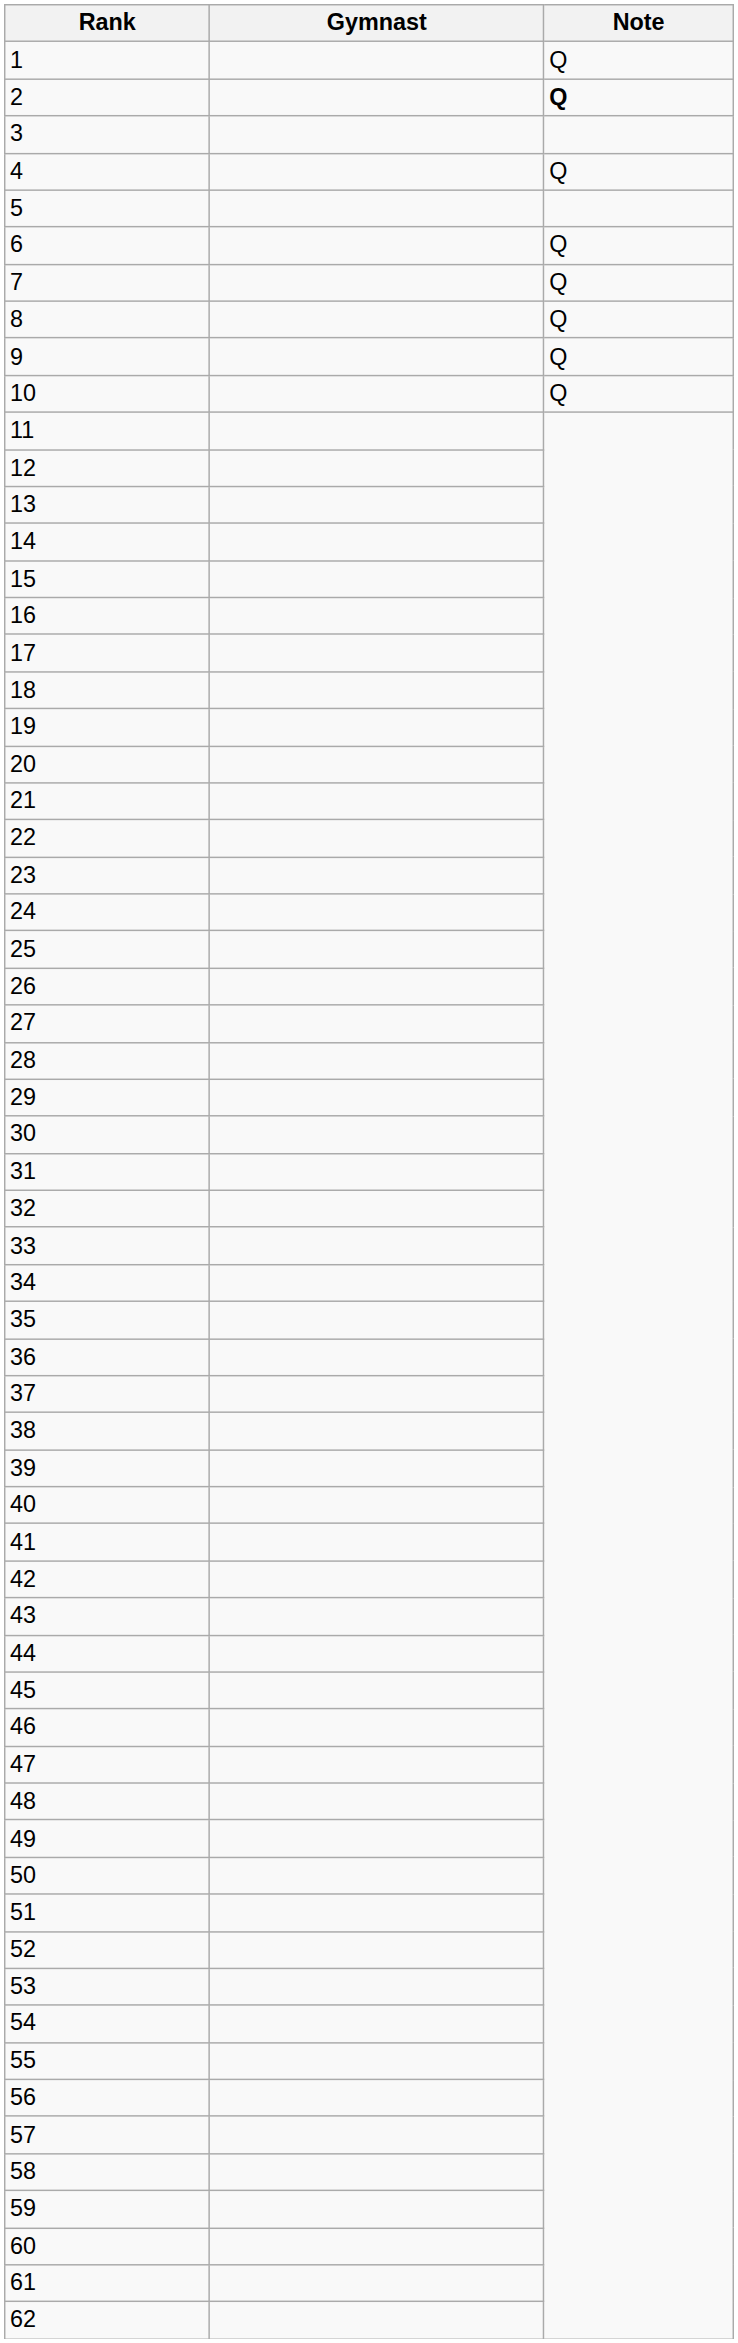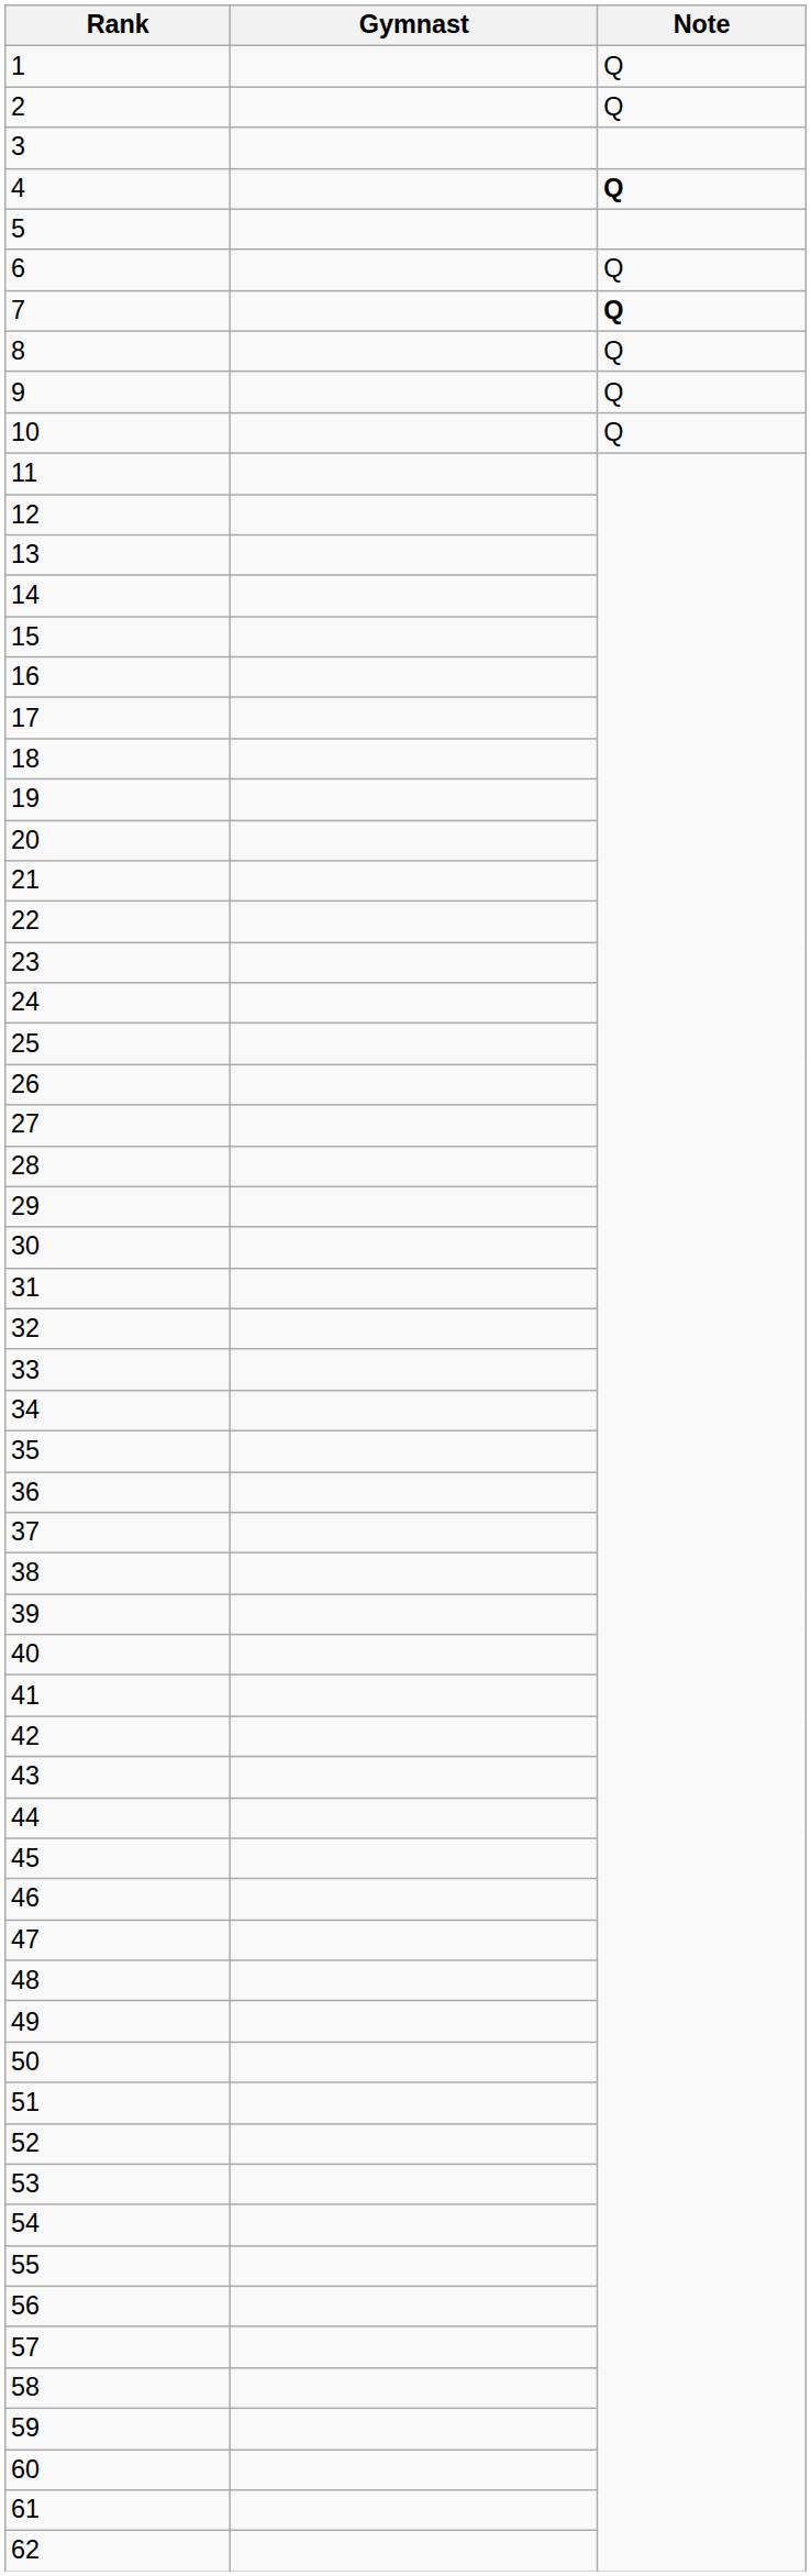 <table class="wikitable" width=500>
 <tr bgcolor="#efefef">
 <th>Rank</th>
 <th>Gymnast</th>
 <th>Note</th>
 </tr>
 <tr>
 <td>1</td>
 <td></td>
 <td>Q</td>
 </tr>
 <tr>
 <td>2</td>
 <td></td>
-<td><strong>Q</strong></td>
+<td>Q</td>
 </tr>
 <tr>
 <td>3</td>
 <td></td>
 </tr>
 <tr>
 <td>4</td>
 <td></td>
-<td>Q</td>
+<td><strong>Q</strong></td>
 </tr>
 <tr>
 <td>5</td>
 <td></td>
 </tr>
 <tr>
 <td>6</td>
 <td></td>
 <td>Q</td>
 </tr>
 <tr>
 <td>7</td>
 <td></td>
-<td>Q</td>
+<td><strong>Q</strong></td>
 </tr>
 <tr>
 <td>8</td>
 <td></td>
 <td>Q</td>
 </tr>
 <tr>
 <td>9</td>
 <td></td>
 <td>Q</td>
 </tr>
 <tr>
 <td>10</td>
 <td></td>
 <td>Q</td>
 </tr>
 <tr>
 <td>11</td>
 <td></td>
 </tr>
 <tr>
 <td>12</td>
 <td></td>
 </tr>
 <tr>
 <td>13</td>
 <td></td>
 </tr>
 <tr>
 <td>14</td>
 <td></td>
 </tr>
 <tr>
 <td>15</td>
 <td></td>
 </tr>
 <tr>
 <td>16</td>
 <td></td>
 </tr>
 <tr>
 <td>17</td>
 <td></td>
 </tr>
 <tr>
 <td>18</td>
 <td></td>
 </tr>
 <tr>
 <td>19</td>
 <td></td>
 </tr>
 <tr>
 <td>20</td>
 <td></td>
 </tr>
 <tr>
 <td>21</td>
 <td></td>
 </tr>
 <tr>
 <td>22</td>
 <td></td>
 </tr>
 <tr>
 <td>23</td>
 <td></td>
 </tr>
 <tr>
 <td>24</td>
 <td></td>
 </tr>
 <tr>
 <td>25</td>
 <td></td>
 </tr>
 <tr>
 <td>26</td>
 <td></td>
 </tr>
 <tr>
 <td>27</td>
 <td></td>
 </tr>
 <tr>
 <td>28</td>
 <td></td>
 </tr>
 <tr>
 <td>29</td>
 <td></td>
 </tr>
 <tr>
 <td>30</td>
 <td></td>
 </tr>
 <tr>
 <td>31</td>
 <td></td>
 </tr>
 <tr>
 <td>32</td>
 <td></td>
 </tr>
 <tr>
 <td>33</td>
 <td></td>
 </tr>
 <tr>
 <td>34</td>
 <td></td>
 </tr>
 <tr>
 <td>35</td>
 <td></td>
 </tr>
 <tr>
 <td>36</td>
 <td></td>
 </tr>
 <tr>
 <td>37</td>
 <td></td>
 </tr>
 <tr>
 <td>38</td>
 <td></td>
 </tr>
 <tr>
 <td>39</td>
 <td></td>
 </tr>
 <tr>
 <td>40</td>
 <td></td>
 </tr>
 <tr>
 <td>41</td>
 <td></td>
 </tr>
 <tr>
 <td>42</td>
 <td></td>
 </tr>
 <tr>
 <td>43</td>
 <td></td>
 </tr>
 <tr>
 <td>44</td>
 <td></td>
 </tr>
 <tr>
 <td>45</td>
 <td></td>
 </tr>
 <tr>
 <td>46</td>
 <td></td>
 </tr>
 <tr>
 <td>47</td>
 <td></td>
 </tr>
 <tr>
 <td>48</td>
 <td></td>
 </tr>
 <tr>
 <td>49</td>
 <td></td>
 </tr>
 <tr>
 <td>50</td>
 <td></td>
 </tr>
 <tr>
 <td>51</td>
 <td></td>
 </tr>
 <tr>
 <td>52</td>
 <td></td>
 </tr>
 <tr>
 <td>53</td>
 <td></td>
 </tr>
 <tr>
 <td>54</td>
 <td></td>
 </tr>
 <tr>
 <td>55</td>
 <td></td>
 </tr>
 <tr>
 <td>56</td>
 <td></td>
 </tr>
 <tr>
 <td>57</td>
 <td></td>
 </tr>
 <tr>
 <td>58</td>
 <td></td>
 </tr>
 <tr>
 <td>59</td>
 <td></td>
 </tr>
 <tr>
 <td>60</td>
 <td></td>
 </tr>
 <tr>
 <td>61</td>
 <td></td>
 </tr>
 <tr>
 <td>62</td>
 <td></td>
 </tr>
 </table>
